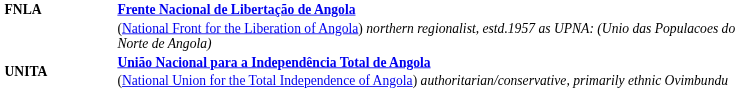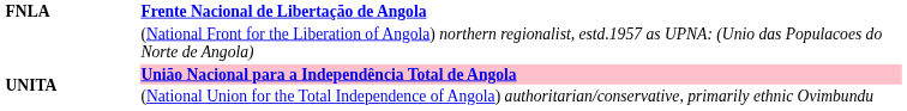 <table style="margin:0 auto;" class="toccolours" cellpadding=1>
 <tr>
 <th width="7%"></th>
 <th width="40%"></th>
 </tr>
 <tr valign=top>
 <td rowspan="2"><strong>FNLA</strong></td>
 <td><strong><a href='#'>Frente Nacional de Libertação de Angola</a></strong></td>
 </tr>
 <tr>
 <td>(<a href='#'>National Front for the Liberation of Angola</a>) <em>northern regionalist, estd.1957 as UPNA: (Unio das Populacoes do Norte de Angola)</em></td>
 </tr>
 <tr>
 <td rowspan="2"><strong>UNITA</strong></td>
-<td><strong><a href='#'>União Nacional para a Independência Total de Angola</a></strong></td>
+<td style="background: pink;"><strong><a href='#'>União Nacional para a Independência Total de Angola</a></strong></td>
 </tr>
 <tr>
 <td>(<a href='#'>National Union for the Total Independence of Angola</a>) <em>authoritarian/conservative, primarily ethnic Ovimbundu</em></td>
 </tr>
 </table>
